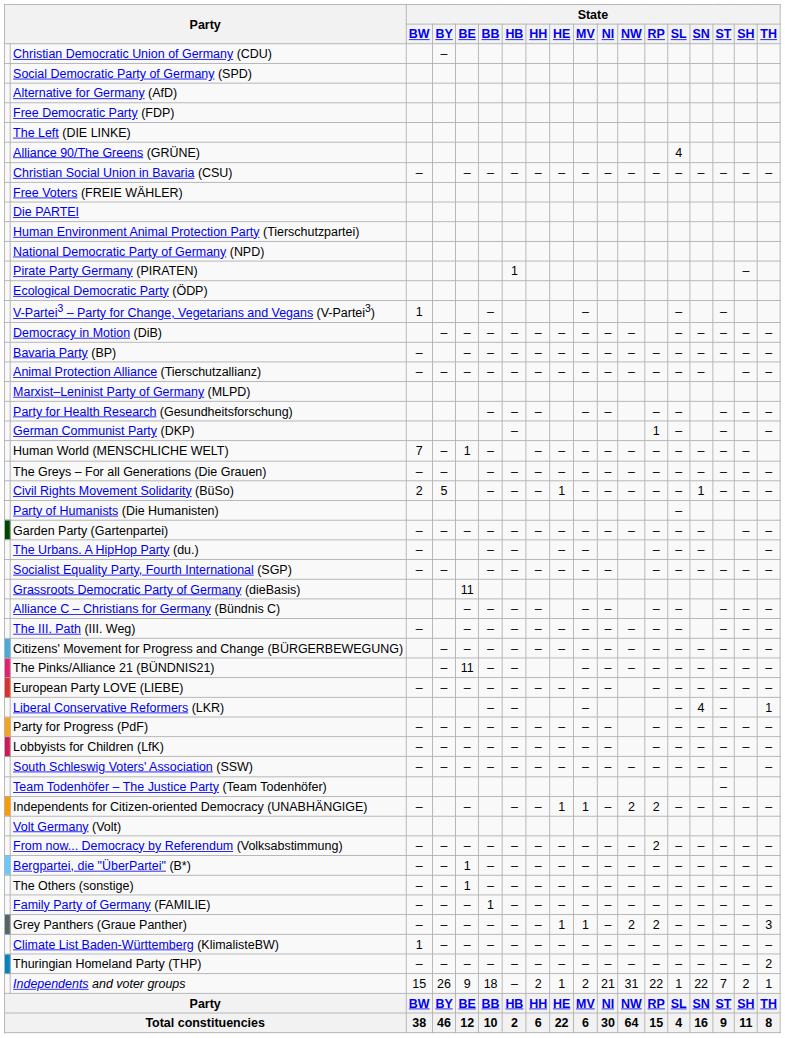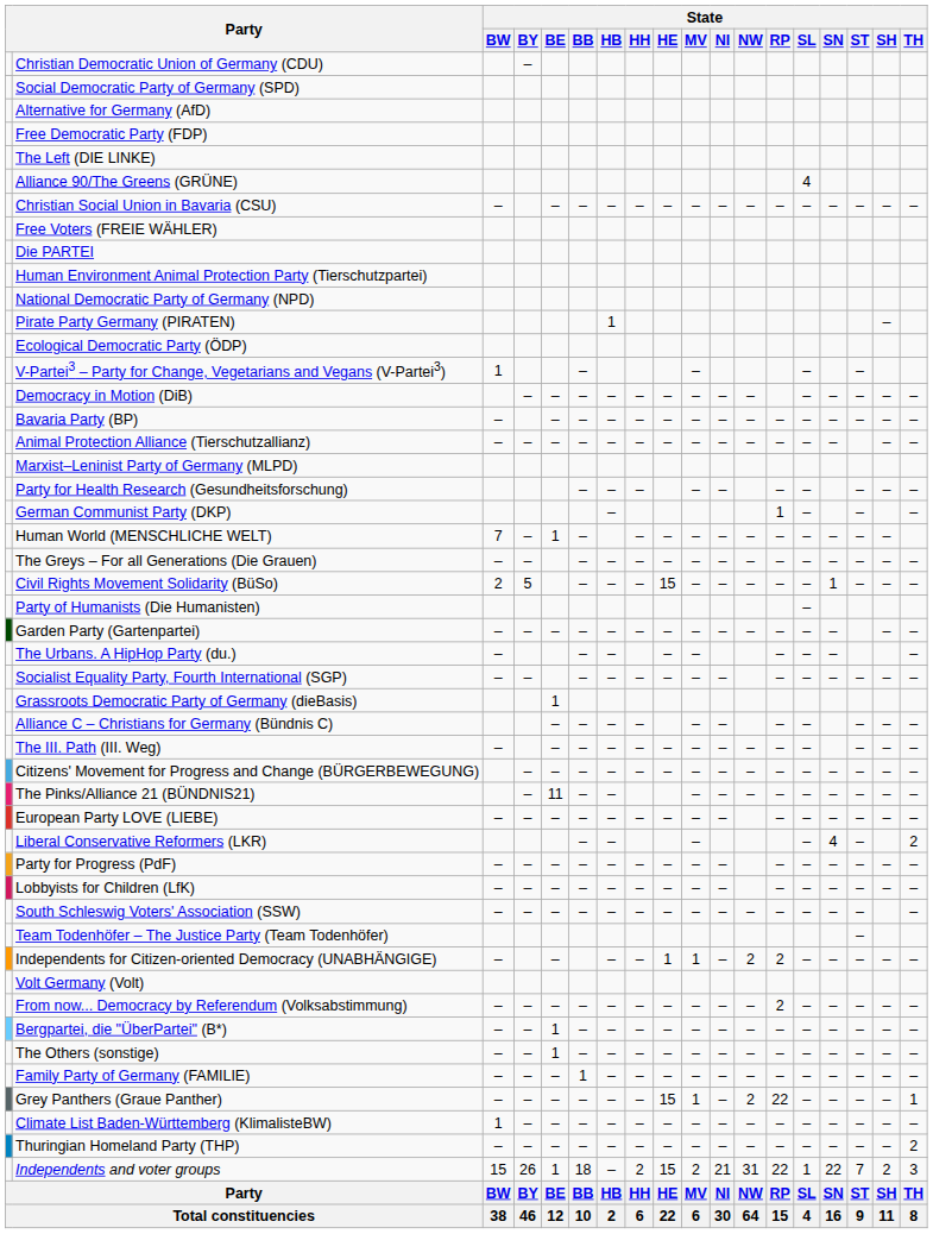 <table class=wikitable style="font-size:95%; text-align:center">
 <tr>
 <th rowspan=2 colspan=2>Party</th>
 <th colspan=16>State</th>
 </tr>
 <tr>
 <th style="width:18px"><a href='#'>BW</a></th>
 <th style="width:18px"><a href='#'>BY</a></th>
 <th style="width:18px"><a href='#'>BE</a></th>
 <th style="width:18px"><a href='#'>BB</a></th>
 <th style="width:18px"><a href='#'>HB</a></th>
 <th style="width:18px"><a href='#'>HH</a></th>
 <th style="width:18px"><a href='#'>HE</a></th>
 <th style="width:18px"><a href='#'>MV</a></th>
 <th style="width:18px"><a href='#'>NI</a></th>
 <th style="width:18px"><a href='#'>NW</a></th>
 <th style="width:18px"><a href='#'>RP</a></th>
 <th style="width:18px"><a href='#'>SL</a></th>
 <th style="width:18px"><a href='#'>SN</a></th>
 <th style="width:18px"><a href='#'>ST</a></th>
 <th style="width:18px"><a href='#'>SH</a></th>
 <th style="width:18px"><a href='#'>TH</a></th>
 </tr>
 <tr>
 <td bgcolor=></td>
 <td align=left><a href='#'>Christian Democratic Union of Germany</a> (CDU)</td>
 <td></td>
 <td>–</td>
 <td></td>
 <td></td>
 <td></td>
 <td></td>
 <td></td>
 <td></td>
 <td></td>
 <td></td>
 <td></td>
 <td></td>
 <td></td>
 <td></td>
 <td></td>
 <td></td>
 </tr>
 <tr>
 <td bgcolor=></td>
 <td align=left><a href='#'>Social Democratic Party of Germany</a> (SPD)</td>
 <td></td>
 <td></td>
 <td></td>
 <td></td>
 <td></td>
 <td></td>
 <td></td>
 <td></td>
 <td></td>
 <td></td>
 <td></td>
 <td></td>
 <td></td>
 <td></td>
 <td></td>
 <td></td>
 </tr>
 <tr>
 <td bgcolor=></td>
 <td align=left><a href='#'>Alternative for Germany</a> (AfD)</td>
 <td></td>
 <td></td>
 <td></td>
 <td></td>
 <td></td>
 <td></td>
 <td></td>
 <td></td>
 <td></td>
 <td></td>
 <td></td>
 <td></td>
 <td></td>
 <td></td>
 <td></td>
 <td></td>
 </tr>
 <tr>
 <td bgcolor=></td>
 <td align=left><a href='#'>Free Democratic Party</a> (FDP)</td>
 <td></td>
 <td></td>
 <td></td>
 <td></td>
 <td></td>
 <td></td>
 <td></td>
 <td></td>
 <td></td>
 <td></td>
 <td></td>
 <td></td>
 <td></td>
 <td></td>
 <td></td>
 <td></td>
 </tr>
 <tr>
 <td bgcolor=></td>
 <td align=left><a href='#'>The Left</a> (DIE LINKE)</td>
 <td></td>
 <td></td>
 <td></td>
 <td></td>
 <td></td>
 <td></td>
 <td></td>
 <td></td>
 <td></td>
 <td></td>
 <td></td>
 <td></td>
 <td></td>
 <td></td>
 <td></td>
 <td></td>
 </tr>
 <tr>
 <td bgcolor=></td>
 <td align=left><a href='#'>Alliance 90/The Greens</a> (GRÜNE)</td>
 <td></td>
 <td></td>
 <td></td>
 <td></td>
 <td></td>
 <td></td>
 <td></td>
 <td></td>
 <td></td>
 <td></td>
 <td></td>
 <td>4</td>
 <td></td>
 <td></td>
 <td></td>
 <td></td>
 </tr>
 <tr>
 <td></td>
 <td align="left"><a href='#'>Christian Social Union in Bavaria</a> (CSU)</td>
 <td>–</td>
 <td></td>
 <td>–</td>
 <td>–</td>
 <td>–</td>
 <td>–</td>
 <td>–</td>
 <td>–</td>
 <td>–</td>
 <td>–</td>
 <td>–</td>
 <td>–</td>
 <td>–</td>
 <td>–</td>
 <td>–</td>
 <td>–</td>
 </tr>
 <tr>
 <td bgcolor=></td>
 <td align=left><a href='#'>Free Voters</a> (FREIE WÄHLER)</td>
 <td></td>
 <td></td>
 <td></td>
 <td></td>
 <td></td>
 <td></td>
 <td></td>
 <td></td>
 <td></td>
 <td></td>
 <td></td>
 <td></td>
 <td></td>
 <td></td>
 <td></td>
 <td></td>
 </tr>
 <tr>
 <td bgcolor=></td>
 <td align=left><a href='#'>Die PARTEI</a></td>
 <td></td>
 <td></td>
 <td></td>
 <td></td>
 <td></td>
 <td></td>
 <td></td>
 <td></td>
 <td></td>
 <td></td>
 <td></td>
 <td></td>
 <td></td>
 <td></td>
 <td></td>
 <td></td>
 </tr>
 <tr>
 <td bgcolor=></td>
 <td align=left><a href='#'>Human Environment Animal Protection Party</a> (Tierschutzpartei)</td>
 <td></td>
 <td></td>
 <td></td>
 <td></td>
 <td></td>
 <td></td>
 <td></td>
 <td></td>
 <td></td>
 <td></td>
 <td></td>
 <td></td>
 <td></td>
 <td></td>
 <td></td>
 <td></td>
 </tr>
 <tr>
 <td bgcolor=></td>
 <td align=left><a href='#'>National Democratic Party of Germany</a> (NPD)</td>
 <td></td>
 <td></td>
 <td></td>
 <td></td>
 <td></td>
 <td></td>
 <td></td>
 <td></td>
 <td></td>
 <td></td>
 <td></td>
 <td></td>
 <td></td>
 <td></td>
 <td></td>
 <td></td>
 </tr>
 <tr>
 <td bgcolor=></td>
 <td align=left><a href='#'>Pirate Party Germany</a> (PIRATEN)</td>
 <td></td>
 <td></td>
 <td></td>
 <td></td>
 <td>1</td>
 <td></td>
 <td></td>
 <td></td>
 <td></td>
 <td></td>
 <td></td>
 <td></td>
 <td></td>
 <td></td>
 <td>–</td>
 <td></td>
 </tr>
 <tr>
 <td bgcolor=></td>
 <td align=left><a href='#'>Ecological Democratic Party</a> (ÖDP)</td>
 <td></td>
 <td></td>
 <td></td>
 <td></td>
 <td></td>
 <td></td>
 <td></td>
 <td></td>
 <td></td>
 <td></td>
 <td></td>
 <td></td>
 <td></td>
 <td></td>
 <td></td>
 <td></td>
 </tr>
 <tr>
 <td bgcolor=></td>
 <td align=left><a href='#'>V-Partei<sup>3</sup> – Party for Change, Vegetarians and Vegans</a> (V-Partei<sup>3</sup>)</td>
 <td>1</td>
 <td></td>
 <td></td>
 <td>–</td>
 <td></td>
 <td></td>
 <td></td>
 <td>–</td>
 <td></td>
 <td></td>
 <td></td>
 <td>–</td>
 <td></td>
 <td>–</td>
 <td></td>
 <td></td>
 </tr>
 <tr>
 <td bgcolor=></td>
 <td align=left><a href='#'>Democracy in Motion</a> (DiB)</td>
 <td></td>
 <td>–</td>
 <td>–</td>
 <td>–</td>
 <td>–</td>
 <td>–</td>
 <td>–</td>
 <td>–</td>
 <td>–</td>
 <td>–</td>
 <td></td>
 <td>–</td>
 <td>–</td>
 <td>–</td>
 <td>–</td>
 <td>–</td>
 </tr>
 <tr>
 <td bgcolor=></td>
 <td align=left><a href='#'>Bavaria Party</a> (BP)</td>
 <td>–</td>
 <td></td>
 <td>–</td>
 <td>–</td>
 <td>–</td>
 <td>–</td>
 <td>–</td>
 <td>–</td>
 <td>–</td>
 <td>–</td>
 <td>–</td>
 <td>–</td>
 <td>–</td>
 <td>–</td>
 <td>–</td>
 <td>–</td>
 </tr>
 <tr>
 <td bgcolor=></td>
 <td align=left><a href='#'>Animal Protection Alliance</a> (Tierschutzallianz)</td>
 <td>–</td>
 <td>–</td>
 <td>–</td>
 <td>–</td>
 <td>–</td>
 <td>–</td>
 <td>–</td>
 <td>–</td>
 <td>–</td>
 <td>–</td>
 <td>–</td>
 <td>–</td>
 <td>–</td>
 <td></td>
 <td>–</td>
 <td>–</td>
 </tr>
 <tr>
 <td bgcolor=></td>
 <td align=left><a href='#'>Marxist–Leninist Party of Germany</a> (MLPD)</td>
 <td></td>
 <td></td>
 <td></td>
 <td></td>
 <td></td>
 <td></td>
 <td></td>
 <td></td>
 <td></td>
 <td></td>
 <td></td>
 <td></td>
 <td></td>
 <td></td>
 <td></td>
 <td></td>
 </tr>
 <tr>
 <td bgcolor=></td>
 <td align=left><a href='#'>Party for Health Research</a> (Gesundheitsforschung)</td>
 <td></td>
 <td></td>
 <td></td>
 <td>–</td>
 <td>–</td>
 <td>–</td>
 <td></td>
 <td>–</td>
 <td>–</td>
 <td></td>
 <td>–</td>
 <td>–</td>
 <td></td>
 <td>–</td>
 <td>–</td>
 <td>–</td>
 </tr>
 <tr>
 <td bgcolor=></td>
 <td align=left><a href='#'>German Communist Party</a> (DKP)</td>
 <td></td>
 <td></td>
 <td></td>
 <td></td>
 <td>–</td>
 <td></td>
 <td></td>
 <td></td>
 <td></td>
 <td></td>
 <td>1</td>
 <td>–</td>
 <td></td>
 <td>–</td>
 <td></td>
 <td>–</td>
 </tr>
 <tr>
 <td bgcolor=></td>
 <td align=left>Human World (MENSCHLICHE WELT)</td>
 <td>7</td>
 <td>–</td>
 <td>1</td>
 <td>–</td>
 <td></td>
 <td>–</td>
 <td>–</td>
 <td>–</td>
 <td>–</td>
 <td>–</td>
 <td>–</td>
 <td>–</td>
 <td>–</td>
 <td>–</td>
 <td>–</td>
 <td></td>
 </tr>
 <tr>
 <td bgcolor=></td>
 <td align=left>The Greys – For all Generations (Die Grauen)</td>
 <td>–</td>
 <td>–</td>
 <td></td>
 <td>–</td>
 <td>–</td>
 <td>–</td>
 <td>–</td>
 <td>–</td>
 <td>–</td>
 <td>–</td>
 <td>–</td>
 <td>–</td>
 <td>–</td>
 <td>–</td>
 <td>–</td>
 <td>–</td>
 </tr>
 <tr>
 <td bgcolor=></td>
 <td align=left><a href='#'>Civil Rights Movement Solidarity</a> (BüSo)</td>
 <td>2</td>
 <td>5</td>
 <td></td>
 <td>–</td>
 <td>–</td>
 <td>–</td>
-<td>1</td>
+<td>15</td>
 <td>–</td>
 <td>–</td>
 <td>–</td>
 <td>–</td>
 <td>–</td>
 <td>1</td>
 <td>–</td>
 <td>–</td>
 <td>–</td>
 </tr>
 <tr>
 <td bgcolor=></td>
 <td align=left><a href='#'>Party of Humanists</a> (Die Humanisten)</td>
 <td></td>
 <td></td>
 <td></td>
 <td></td>
 <td></td>
 <td></td>
 <td></td>
 <td></td>
 <td></td>
 <td></td>
 <td></td>
 <td>–</td>
 <td></td>
 <td></td>
 <td></td>
 <td></td>
 </tr>
 <tr>
 <td bgcolor=#004800></td>
 <td align=left>Garden Party (Gartenpartei)</td>
 <td>–</td>
 <td>–</td>
 <td>–</td>
 <td>–</td>
 <td>–</td>
 <td>–</td>
 <td>–</td>
 <td>–</td>
 <td>–</td>
 <td>–</td>
 <td>–</td>
 <td>–</td>
 <td>–</td>
 <td></td>
 <td>–</td>
 <td>–</td>
 </tr>
 <tr>
 <td bgcolor=></td>
 <td align=left><a href='#'>The Urbans. A HipHop Party</a> (du.)</td>
 <td>–</td>
 <td></td>
 <td></td>
 <td>–</td>
 <td>–</td>
 <td></td>
 <td>–</td>
 <td>–</td>
 <td></td>
 <td></td>
 <td>–</td>
 <td>–</td>
 <td>–</td>
 <td></td>
 <td></td>
 <td>–</td>
 </tr>
 <tr>
 <td bgcolor=></td>
 <td align=left><a href='#'>Socialist Equality Party, Fourth International</a> (SGP)</td>
 <td>–</td>
 <td>–</td>
 <td></td>
 <td>–</td>
 <td>–</td>
 <td>–</td>
 <td>–</td>
 <td>–</td>
 <td>–</td>
 <td></td>
 <td>–</td>
 <td>–</td>
 <td>–</td>
 <td>–</td>
 <td>–</td>
 <td>–</td>
 </tr>
 <tr>
 <td bgcolor=></td>
 <td align=left><a href='#'>Grassroots Democratic Party of Germany</a> (dieBasis)</td>
 <td></td>
 <td></td>
-<td>11</td>
+<td>1</td>
 <td></td>
 <td></td>
 <td></td>
 <td></td>
 <td></td>
 <td></td>
 <td></td>
 <td></td>
 <td></td>
 <td></td>
 <td></td>
 <td></td>
 <td></td>
 </tr>
 <tr>
 <td bgcolor=></td>
 <td align=left><a href='#'>Alliance C – Christians for Germany</a> (Bündnis C)</td>
 <td></td>
 <td></td>
 <td>–</td>
 <td>–</td>
 <td>–</td>
 <td>–</td>
 <td></td>
 <td>–</td>
 <td>–</td>
 <td></td>
 <td>–</td>
 <td>–</td>
 <td></td>
 <td>–</td>
 <td>–</td>
 <td>–</td>
 </tr>
 <tr>
 <td bgcolor=></td>
 <td align=left><a href='#'>The III. Path</a> (III. Weg)</td>
 <td>–</td>
 <td></td>
 <td>–</td>
 <td>–</td>
 <td>–</td>
 <td>–</td>
 <td>–</td>
 <td>–</td>
 <td>–</td>
 <td>–</td>
 <td>–</td>
 <td>–</td>
 <td></td>
 <td>–</td>
 <td>–</td>
 <td>–</td>
 </tr>
 <tr>
 <td bgcolor=#44AAE0></td>
 <td align=left>Citizens' Movement for Progress and Change (BÜRGERBEWEGUNG)</td>
 <td></td>
 <td>–</td>
 <td>–</td>
 <td>–</td>
 <td>–</td>
 <td>–</td>
 <td>–</td>
 <td>–</td>
 <td>–</td>
 <td>–</td>
 <td>–</td>
 <td>–</td>
 <td>–</td>
 <td>–</td>
 <td>–</td>
 <td>–</td>
 </tr>
 <tr>
 <td bgcolor=#E71F71></td>
 <td align=left>The Pinks/Alliance 21 (BÜNDNIS21)</td>
 <td></td>
 <td>–</td>
 <td>11</td>
 <td>–</td>
 <td>–</td>
 <td></td>
 <td></td>
 <td>–</td>
 <td>–</td>
 <td>–</td>
 <td>–</td>
 <td>–</td>
 <td>–</td>
 <td>–</td>
 <td>–</td>
 <td>–</td>
 </tr>
 <tr>
 <td bgcolor=#DC2F28></td>
 <td align=left>European Party LOVE (LIEBE)</td>
 <td>–</td>
 <td>–</td>
 <td>–</td>
 <td>–</td>
 <td>–</td>
 <td>–</td>
 <td>–</td>
 <td>–</td>
 <td>–</td>
 <td></td>
 <td>–</td>
 <td>–</td>
 <td>–</td>
 <td>–</td>
 <td>–</td>
 <td>–</td>
 </tr>
 <tr>
 <td bgcolor=></td>
 <td align=left><a href='#'>Liberal Conservative Reformers</a> (LKR)</td>
 <td></td>
 <td></td>
 <td></td>
 <td>–</td>
 <td>–</td>
 <td></td>
 <td></td>
 <td>–</td>
 <td></td>
 <td></td>
 <td></td>
 <td>–</td>
 <td>4</td>
 <td>–</td>
 <td></td>
-<td>1</td>
+<td>2</td>
 </tr>
 <tr>
 <td bgcolor=#F5A419></td>
 <td align=left>Party for Progress (PdF)</td>
 <td>–</td>
 <td>–</td>
 <td>–</td>
 <td>–</td>
 <td>–</td>
 <td>–</td>
 <td>–</td>
 <td>–</td>
 <td>–</td>
 <td></td>
 <td>–</td>
 <td>–</td>
 <td>–</td>
 <td>–</td>
 <td>–</td>
 <td>–</td>
 </tr>
 <tr>
 <td bgcolor=#D1165D></td>
 <td align=left>Lobbyists for Children (LfK)</td>
 <td>–</td>
 <td>–</td>
 <td>–</td>
 <td>–</td>
 <td>–</td>
 <td>–</td>
 <td>–</td>
 <td>–</td>
 <td>–</td>
 <td></td>
 <td>–</td>
 <td>–</td>
 <td>–</td>
 <td>–</td>
 <td>–</td>
 <td>–</td>
 </tr>
 <tr>
 <td bgcolor=></td>
 <td align=left><a href='#'>South Schleswig Voters' Association</a> (SSW)</td>
 <td>–</td>
 <td>–</td>
 <td>–</td>
 <td>–</td>
 <td>–</td>
 <td>–</td>
 <td>–</td>
 <td>–</td>
 <td>–</td>
 <td>–</td>
 <td>–</td>
 <td>–</td>
 <td>–</td>
 <td>–</td>
 <td></td>
 <td>–</td>
 </tr>
 <tr>
 <td bgcolor=></td>
 <td align=left><a href='#'>Team Todenhöfer – The Justice Party</a> (Team Todenhöfer)</td>
 <td></td>
 <td></td>
 <td></td>
 <td></td>
 <td></td>
 <td></td>
 <td></td>
 <td></td>
 <td></td>
 <td></td>
 <td></td>
 <td></td>
 <td></td>
 <td>–</td>
 <td></td>
 <td></td>
 </tr>
 <tr>
 <td bgcolor=#FF9900></td>
 <td align=left>Independents for Citizen-oriented Democracy (UNABHÄNGIGE)</td>
 <td>–</td>
 <td></td>
 <td>–</td>
 <td></td>
 <td>–</td>
 <td>–</td>
 <td>1</td>
 <td>1</td>
 <td>–</td>
 <td>2</td>
 <td>2</td>
 <td>–</td>
 <td>–</td>
 <td>–</td>
 <td>–</td>
 <td>–</td>
 </tr>
 <tr>
 <td bgcolor=></td>
 <td align=left><a href='#'>Volt Germany</a> (Volt)</td>
 <td></td>
 <td></td>
 <td></td>
 <td></td>
 <td></td>
 <td></td>
 <td></td>
 <td></td>
 <td></td>
 <td></td>
 <td></td>
 <td></td>
 <td></td>
 <td></td>
 <td></td>
 <td></td>
 </tr>
 <tr>
 <td bgcolor=></td>
 <td align=left><a href='#'>From now... Democracy by Referendum</a> (Volksabstimmung)</td>
 <td>–</td>
 <td>–</td>
 <td>–</td>
 <td>–</td>
 <td>–</td>
 <td>–</td>
 <td>–</td>
 <td>–</td>
 <td>–</td>
 <td>–</td>
 <td>2</td>
 <td>–</td>
 <td>–</td>
 <td>–</td>
 <td>–</td>
 <td>–</td>
 </tr>
 <tr>
 <td bgcolor=#66CCFF></td>
 <td align=left><a href='#'>Bergpartei, die "ÜberPartei"</a> (B*)</td>
 <td>–</td>
 <td>–</td>
 <td>1</td>
 <td>–</td>
 <td>–</td>
 <td>–</td>
 <td>–</td>
 <td>–</td>
 <td>–</td>
 <td>–</td>
 <td>–</td>
 <td>–</td>
 <td>–</td>
 <td>–</td>
 <td>–</td>
 <td>–</td>
 </tr>
 <tr>
 <td></td>
 <td align=left>The Others (sonstige)</td>
 <td>–</td>
 <td>–</td>
 <td>1</td>
 <td>–</td>
 <td>–</td>
 <td>–</td>
 <td>–</td>
 <td>–</td>
 <td>–</td>
 <td>–</td>
 <td>–</td>
 <td>–</td>
 <td>–</td>
 <td>–</td>
 <td>–</td>
 <td>–</td>
 </tr>
 <tr>
 <td bgcolor=></td>
 <td align=left><a href='#'>Family Party of Germany</a> (FAMILIE)</td>
 <td>–</td>
 <td>–</td>
 <td>–</td>
 <td>1</td>
 <td>–</td>
 <td>–</td>
 <td>–</td>
 <td>–</td>
 <td>–</td>
 <td>–</td>
 <td>–</td>
 <td>–</td>
 <td>–</td>
 <td>–</td>
 <td>–</td>
 <td>–</td>
 </tr>
 <tr>
 <td bgcolor=#566467></td>
 <td align=left>Grey Panthers (Graue Panther)</td>
 <td>–</td>
 <td>–</td>
 <td>–</td>
 <td>–</td>
 <td>–</td>
 <td>–</td>
-<td>1</td>
+<td>15</td>
 <td>1</td>
 <td>–</td>
 <td>2</td>
-<td>2</td>
+<td>22</td>
 <td>–</td>
 <td>–</td>
 <td>–</td>
 <td>–</td>
-<td>3</td>
+<td>1</td>
 </tr>
 <tr>
 <td bgcolor=></td>
 <td align=left><a href='#'>Climate List Baden-Württemberg</a> (KlimalisteBW)</td>
 <td>1</td>
 <td>–</td>
 <td>–</td>
 <td>–</td>
 <td>–</td>
 <td>–</td>
 <td>–</td>
 <td>–</td>
 <td>–</td>
 <td>–</td>
 <td>–</td>
 <td>–</td>
 <td>–</td>
 <td>–</td>
 <td>–</td>
 <td>–</td>
 </tr>
 <tr>
 <td bgcolor=#0083C1></td>
 <td align=left>Thuringian Homeland Party (THP)</td>
 <td>–</td>
 <td>–</td>
 <td>–</td>
 <td>–</td>
 <td>–</td>
 <td>–</td>
 <td>–</td>
 <td>–</td>
 <td>–</td>
 <td>–</td>
 <td>–</td>
 <td>–</td>
 <td>–</td>
 <td>–</td>
 <td>–</td>
 <td>2</td>
 </tr>
 <tr>
 <td bgcolor=></td>
 <td align=left><em><a href='#'>Independents</a> and voter groups</em></td>
 <td>15</td>
 <td>26</td>
-<td>9</td>
+<td>1</td>
 <td>18</td>
 <td>–</td>
 <td>2</td>
-<td>1</td>
+<td>15</td>
 <td>2</td>
 <td>21</td>
 <td>31</td>
 <td>22</td>
 <td>1</td>
 <td>22</td>
 <td>7</td>
 <td>2</td>
-<td>1</td>
+<td>3</td>
 </tr>
 <tr>
 <th colspan=2>Party</th>
 <th><a href='#'>BW</a></th>
 <th><a href='#'>BY</a></th>
 <th><a href='#'>BE</a></th>
 <th><a href='#'>BB</a></th>
 <th><a href='#'>HB</a></th>
 <th><a href='#'>HH</a></th>
 <th><a href='#'>HE</a></th>
 <th><a href='#'>MV</a></th>
 <th><a href='#'>NI</a></th>
 <th><a href='#'>NW</a></th>
 <th><a href='#'>RP</a></th>
 <th><a href='#'>SL</a></th>
 <th><a href='#'>SN</a></th>
 <th><a href='#'>ST</a></th>
 <th><a href='#'>SH</a></th>
 <th><a href='#'>TH</a></th>
 </tr>
 <tr>
 <th colspan=2>Total constituencies</th>
 <th>38</th>
 <th>46</th>
 <th>12</th>
 <th>10</th>
 <th>2</th>
 <th>6</th>
 <th>22</th>
 <th>6</th>
 <th>30</th>
 <th>64</th>
 <th>15</th>
 <th>4</th>
 <th>16</th>
 <th>9</th>
 <th>11</th>
 <th>8</th>
 </tr>
 </table>
